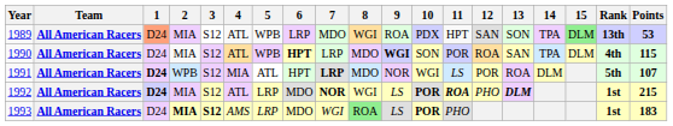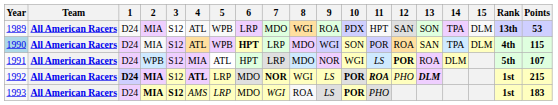 <table class="wikitable" style="text-align:center; font-size:95%">
 <tr>
 <th>Year</th>
 <th>Team</th>
 <th>1</th>
 <th>2</th>
 <th>3</th>
 <th>4</th>
 <th>5</th>
 <th>6</th>
 <th>7</th>
 <th>8</th>
 <th>9</th>
 <th>10</th>
 <th>11</th>
 <th>12</th>
 <th>13</th>
 <th>14</th>
 <th>15</th>
 <th>Rank</th>
 <th>Points</th>
 </tr>
 <tr>
 <td><a href='#'>1989</a></td>
 <th><a href='#'>All American Racers</a></th>
-<td style="background: lightsalmon;">D24</td>
+<td>D24</td>
 <td style="background:#EFCFFF;">MIA<br></td>
 <td style="background:#FFFFFF;">S12<br></td>
 <td>ATL</td>
 <td>WPB</td>
 <td style="background:#EFCFFF;">LRP<br></td>
 <td style="background:#DFFFDF;">MDO<br></td>
 <td style="background:#FFDF9F;">WGI<br></td>
 <td style="background:#DFFFDF;">ROA<br></td>
 <td style="background:#CFCFFF;">PDX<br></td>
 <td>HPT</td>
 <td style="background:#DFDFDF;">SAN<br></td>
 <td style="background:#DFFFDF;">SON<br></td>
 <td style="background:#EFCFFF;">TPA<br></td>
-<td style="background: lightgreen;">DLM</td>
+<td>DLM</td>
 <td style="background:#CFCFFF;"><strong>13th</strong></td>
 <td style="background:#CFCFFF;"><strong>53</strong></td>
 </tr>
 <tr>
-<td><a href='#'>1990</a></td>
+<td style="background: lightblue;"><a href='#'>1990</a></td>
 <th><a href='#'>All American Racers</a></th>
 <td style="background:#EFCFFF;">D24<br></td>
 <td>MIA</td>
 <td style="background:#EFCFFF;">S12<br></td>
 <td style="background:#FFDF9F;">ATL<br></td>
 <td style="background:#EFCFFF;">WPB<br></td>
 <td style="background:#FFFFBF;"><strong>HPT</strong><br></td>
 <td style="background:#DFFFDF;">LRP<br></td>
 <td style="background:#EFCFFF;">MDO<br></td>
-<td style="background:#CFCFFF;"><strong>WGI<br></strong></td>
+<td style="background:#CFCFFF;">WGI<br></td>
 <td style="background:#FFFFBF;">SON<br></td>
 <td style="background:#CFCFFF;">POR<br></td>
 <td style="background:#FFDF9F;">ROA<br></td>
 <td style="background:#FFFFBF;">SAN<br></td>
 <td style="background:#CFEAFF;">TPA<br></td>
 <td style="background:#FFFFBF;">DLM<br></td>
 <td style="background:#DFFFDF;"><strong>4th</strong></td>
 <td style="background:#DFFFDF;"><strong>115</strong></td>
 </tr>
 <tr>
 <td><a href='#'>1991</a></td>
 <th><a href='#'>All American Racers</a></th>
-<td style="background:#EFCFFF;"><strong>D24<br></strong></td>
+<td style="background:#EFCFFF;">D24<br></td>
 <td style="background:#CFEAFF;">WPB<br></td>
 <td style="background:#EFCFFF;">S12<br></td>
 <td style="background:#EFCFFF;">MIA<br></td>
 <td style="background:#FFFFFF;">ATL<br></td>
 <td style="background:#DFFFDF;">HPT<br></td>
-<td style="background:#DFDFDF;"><strong>LRP<br></strong></td>
+<td style="background:#DFDFDF;">LRP<br></td>
 <td style="background:#CFEAFF;">MDO<br></td>
 <td style="background:#EFCFFF;">NOR<br></td>
 <td style="background:#FFFFBF;">WGI<br></td>
 <td style="background:#CFEAFF;"><em>LS</em><br></td>
-<td style="background:#FFFFBF;">POR<br></td>
+<td style="background:#FFFFBF;"><strong>POR<br></strong></td>
 <td style="background:#EFCFFF;">ROA<br></td>
 <td style="background:#FFFFBF;">DLM<br></td>
 <th></th>
 <td style="background:#DFFFDF;"><strong>5th</strong></td>
 <td style="background:#DFFFDF;"><strong>107</strong></td>
 </tr>
 <tr>
 <td><a href='#'>1992</a></td>
 <th><a href='#'>All American Racers</a></th>
 <td style="background:#CFCFFF;"><strong>D24</strong><br></td>
-<td style="background:#EFCFFF;">MIA<br></td>
+<td style="background:#EFCFFF;"><strong>MIA<br></strong></td>
 <td style="background:#FFFFBF;">S12<br></td>
-<td style="background:#EFCFFF;">ATL<br></td>
+<td style="background:#EFCFFF;"><strong>ATL<br></strong></td>
 <td style="background:#FFFFBF;">LRP<br></td>
 <td style="background:#DFDFDF;">MDO<br></td>
 <td style="background:#FFFFBF;"><strong>NOR</strong><br></td>
 <td style="background:#FFFFBF;">WGI<br></td>
 <td style="background:#FFFFBF;"><em>LS</em><br></td>
 <td style="background:#DFDFDF;"><strong>POR</strong><br></td>
 <td style="background:#FFFFBF;"><strong><em>ROA</em></strong><br></td>
 <td style="background:#FFFFBF;"><em>PHO</em><br></td>
 <td style="background:#EFCFFF;"><strong><em>DLM</em></strong><br></td>
 <th></th>
 <th></th>
 <td style="background:#FFFFBF;"><strong>1st</strong></td>
 <td style="background:#FFFFBF;"><strong>215</strong></td>
 </tr>
 <tr>
 <td><a href='#'>1993</a></td>
 <th><a href='#'>All American Racers</a></th>
 <td style="background:#EFCFFF;">D24<br></td>
 <td style="background:#FFFFBF;"><strong>MIA</strong><br></td>
 <td style="background:#FFFFBF;"><strong>S12</strong><br></td>
 <td style="background:#FFFFBF;"><em>AMS</em><br></td>
 <td style="background:#FFFFBF;"><em>LRP</em><br></td>
 <td style="background:#FFFFBF;">MDO<br></td>
 <td style="background:#FFFFBF;"><em>WGI</em><br></td>
-<td style="background: lightgreen;">ROA</td>
+<td>ROA</td>
 <td style="background:#DFDFDF;"><em>LS</em><br></td>
 <td style="background:#FFFFBF;"><strong>POR</strong><br></td>
 <td style="background:#DFDFDF;"><em>PHO</em><br></td>
 <th></th>
 <th></th>
 <th></th>
 <th></th>
 <td style="background:#FFFFBF;"><strong>1st</strong></td>
 <td style="background:#FFFFBF;"><strong>183</strong></td>
 </tr>
 </table>
